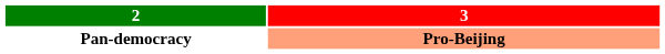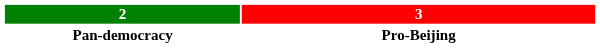 <table style="width:50%; text-align:center;">
 <tr style="color:white;">
 <td style="background:green; width:40%;"><strong>2</strong></td>
 <td style="background:red; width:60%;"><strong>3</strong></td>
 </tr>
 <tr>
 <td><span><strong>Pan-democracy</strong></span></td>
-<td style="background: lightsalmon;"><span><strong>Pro-Beijing</strong></span></td>
+<td><span><strong>Pro-Beijing</strong></span></td>
 </tr>
 </table>
